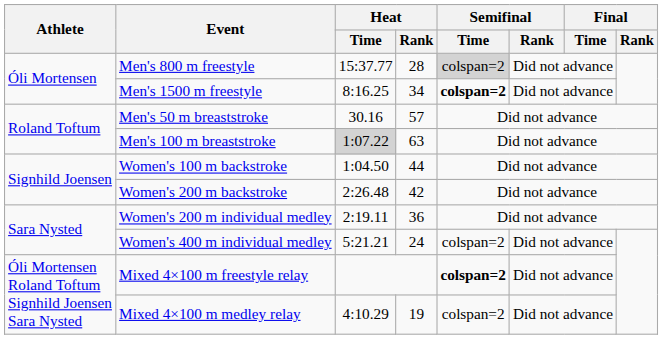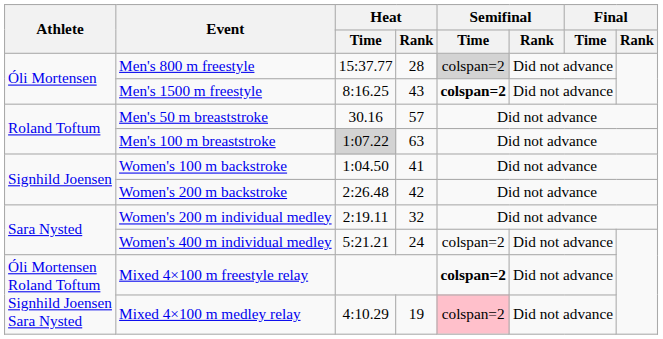 <table class=wikitable style="font-size:90%">
 <tr>
 <th rowspan="2">Athlete</th>
 <th rowspan="2">Event</th>
 <th colspan="2">Heat</th>
 <th colspan="2">Semifinal</th>
 <th colspan="2">Final</th>
 </tr>
 <tr style="font-size:95%">
 <th>Time</th>
 <th>Rank</th>
 <th>Time</th>
 <th>Rank</th>
 <th>Time</th>
 <th>Rank</th>
 </tr>
 <tr align=center>
 <td align=left rowspan=2><a href='#'>Óli Mortensen</a></td>
 <td align=left><a href='#'>Men's 800 m freestyle</a></td>
 <td>15:37.77</td>
 <td>28</td>
 <td style="background: lightgrey;">colspan=2 </td>
 <td colspan=2>Did not advance</td>
 </tr>
 <tr align=center>
 <td align=left><a href='#'>Men's 1500 m freestyle</a></td>
 <td>8:16.25</td>
-<td>34</td>
+<td>43</td>
 <td><strong>colspan=2 </strong></td>
 <td colspan=2>Did not advance</td>
 </tr>
 <tr align=center>
 <td align=left rowspan=2><a href='#'>Roland Toftum</a></td>
 <td align=left><a href='#'>Men's 50 m breaststroke</a></td>
 <td>30.16</td>
 <td>57</td>
 <td colspan=4>Did not advance</td>
 </tr>
 <tr align=center>
 <td align=left><a href='#'>Men's 100 m breaststroke</a></td>
 <td style="background: lightgrey;">1:07.22</td>
 <td>63</td>
 <td colspan=4>Did not advance</td>
 </tr>
 <tr align=center>
 <td align=left rowspan=2><a href='#'>Signhild Joensen</a></td>
 <td align=left><a href='#'>Women's 100 m backstroke</a></td>
 <td>1:04.50</td>
-<td>44</td>
+<td>41</td>
 <td colspan=4>Did not advance</td>
 </tr>
 <tr align=center>
 <td align=left><a href='#'>Women's 200 m backstroke</a></td>
 <td>2:26.48</td>
 <td>42</td>
 <td colspan=4>Did not advance</td>
 </tr>
 <tr align=center>
 <td align=left rowspan=2><a href='#'>Sara Nysted</a></td>
 <td align=left><a href='#'>Women's 200 m individual medley</a></td>
 <td>2:19.11</td>
-<td>36</td>
+<td>32</td>
 <td colspan=4>Did not advance</td>
 </tr>
 <tr align=center>
 <td align=left><a href='#'>Women's 400 m individual medley</a></td>
 <td>5:21.21</td>
 <td>24</td>
 <td>colspan=2 </td>
 <td colspan=2>Did not advance</td>
 </tr>
 <tr align=center>
 <td align=left rowspan=2><a href='#'>Óli Mortensen</a><br><a href='#'>Roland Toftum</a><br><a href='#'>Signhild Joensen</a><br><a href='#'>Sara Nysted</a></td>
 <td align=left><a href='#'>Mixed 4×100 m freestyle relay</a></td>
 <td colspan=2></td>
 <td><strong>colspan=2 </strong></td>
 <td colspan=2>Did not advance</td>
 </tr>
 <tr align=center>
 <td align=left><a href='#'>Mixed 4×100 m medley relay</a></td>
 <td>4:10.29</td>
 <td>19</td>
-<td>colspan=2 </td>
+<td style="background: pink;">colspan=2 </td>
 <td colspan=2>Did not advance</td>
 </tr>
 </table>
